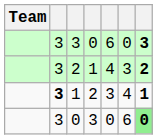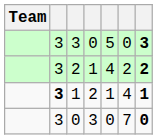 <table class=wikitable style="text-align:center">
 <tr>
 <th>Team</th>
 <th></th>
 <th></th>
 <th></th>
 <th></th>
 <th></th>
 <th></th>
 </tr>
 <tr bgcolor=ccffcc>
 <td style="text-align:left"></td>
 <td>3</td>
 <td>3</td>
 <td>0</td>
-<td>6</td>
+<td>5</td>
 <td>0</td>
 <td><strong>3</strong></td>
 </tr>
 <tr bgcolor=ccffcc>
 <td style="text-align:left"></td>
 <td>3</td>
 <td>2</td>
 <td>1</td>
 <td>4</td>
-<td>3</td>
+<td>2</td>
 <td><strong>2</strong></td>
 </tr>
 <tr>
 <td style="text-align:left"></td>
 <td><strong>3</strong></td>
 <td>1</td>
 <td>2</td>
-<td>3</td>
+<td>1</td>
 <td>4</td>
 <td><strong>1</strong></td>
 </tr>
 <tr>
 <td style="text-align:left"></td>
 <td>3</td>
 <td>0</td>
 <td>3</td>
 <td>0</td>
-<td>6</td>
-<td style="background: lightgreen;"><strong>0</strong></td>
+<td>7</td>
+<td><strong>0</strong></td>
 </tr>
 </table>
